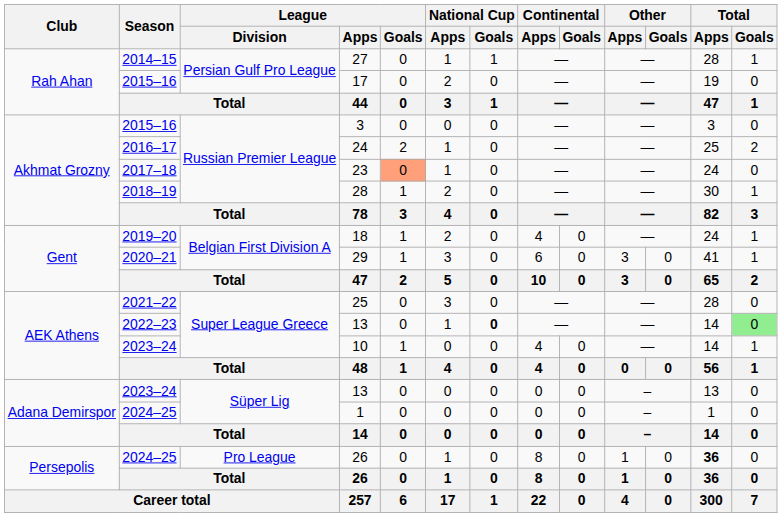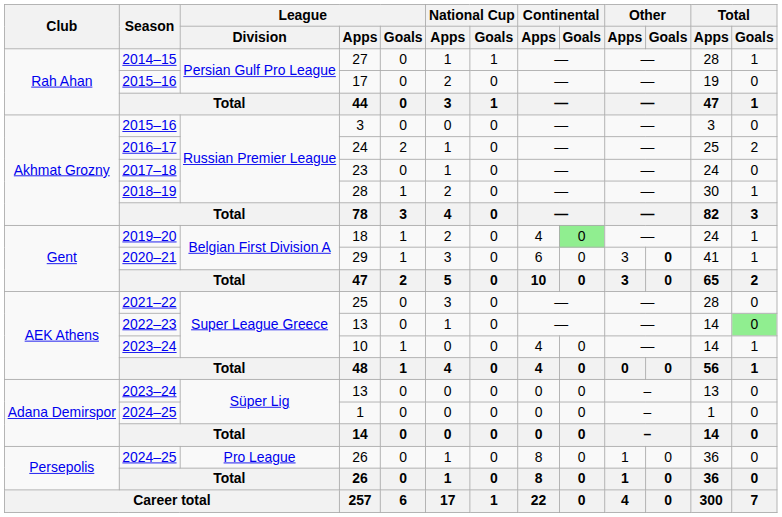 <table class="wikitable" style="text-align: center;">
 <tr>
 <th rowspan="2">Club</th>
 <th rowspan="2">Season</th>
 <th colspan="3">League</th>
 <th colspan="2">National Cup</th>
 <th colspan="2">Continental</th>
 <th colspan="2">Other</th>
 <th colspan="2">Total</th>
 </tr>
 <tr>
 <th>Division</th>
 <th>Apps</th>
 <th>Goals</th>
 <th>Apps</th>
 <th>Goals</th>
 <th>Apps</th>
 <th>Goals</th>
 <th>Apps</th>
 <th>Goals</th>
 <th>Apps</th>
 <th>Goals</th>
 </tr>
 <tr>
 <td rowspan="3"><a href='#'>Rah Ahan</a></td>
 <td><a href='#'>2014–15</a></td>
 <td rowspan="2"><a href='#'>Persian Gulf Pro League</a></td>
 <td>27</td>
 <td>0</td>
 <td>1</td>
 <td>1</td>
 <td colspan="2">—</td>
 <td colspan="2">—</td>
 <td>28</td>
 <td>1</td>
 </tr>
 <tr>
 <td><a href='#'>2015–16</a></td>
 <td>17</td>
 <td>0</td>
 <td>2</td>
 <td>0</td>
 <td colspan="2">—</td>
 <td colspan="2">—</td>
 <td>19</td>
 <td>0</td>
 </tr>
 <tr>
 <th colspan="2">Total</th>
 <th>44</th>
 <th>0</th>
 <th>3</th>
 <th>1</th>
 <th colspan="2">—</th>
 <th colspan="2">—</th>
 <th>47</th>
 <th>1</th>
 </tr>
 <tr>
 <td rowspan="5"><a href='#'>Akhmat Grozny</a></td>
 <td><a href='#'>2015–16</a></td>
 <td rowspan="4"><a href='#'>Russian Premier League</a></td>
 <td>3</td>
 <td>0</td>
 <td>0</td>
 <td>0</td>
 <td colspan="2">—</td>
 <td colspan="2">—</td>
 <td>3</td>
 <td>0</td>
 </tr>
 <tr>
 <td><a href='#'>2016–17</a></td>
 <td>24</td>
 <td>2</td>
 <td>1</td>
 <td>0</td>
 <td colspan="2">—</td>
 <td colspan="2">—</td>
 <td>25</td>
 <td>2</td>
 </tr>
 <tr>
 <td><a href='#'>2017–18</a></td>
 <td>23</td>
-<td style="background: lightsalmon;">0</td>
+<td>0</td>
 <td>1</td>
 <td>0</td>
 <td colspan="2">—</td>
 <td colspan="2">—</td>
 <td>24</td>
 <td>0</td>
 </tr>
 <tr>
 <td><a href='#'>2018–19</a></td>
 <td>28</td>
 <td>1</td>
 <td>2</td>
 <td>0</td>
 <td colspan="2">—</td>
 <td colspan="2">—</td>
 <td>30</td>
 <td>1</td>
 </tr>
 <tr>
 <th colspan="2">Total</th>
 <th>78</th>
 <th>3</th>
 <th>4</th>
 <th>0</th>
 <th colspan="2">—</th>
 <th colspan="2">—</th>
 <th>82</th>
 <th>3</th>
 </tr>
 <tr>
 <td rowspan="3"><a href='#'>Gent</a></td>
 <td><a href='#'>2019–20</a></td>
 <td rowspan="2"><a href='#'>Belgian First Division A</a></td>
 <td>18</td>
 <td>1</td>
 <td>2</td>
 <td>0</td>
 <td>4</td>
-<td>0</td>
+<td style="background: lightgreen;">0</td>
 <td colspan="2">—</td>
 <td>24</td>
 <td>1</td>
 </tr>
 <tr>
 <td><a href='#'>2020–21</a></td>
 <td>29</td>
 <td>1</td>
 <td>3</td>
 <td>0</td>
 <td>6</td>
 <td>0</td>
 <td>3</td>
-<td>0</td>
+<td><strong>0</strong></td>
 <td>41</td>
 <td>1</td>
 </tr>
 <tr>
 <th colspan="2">Total</th>
 <th>47</th>
 <th>2</th>
 <th>5</th>
 <th>0</th>
 <th>10</th>
 <th>0</th>
 <th>3</th>
 <th>0</th>
 <th>65</th>
 <th>2</th>
 </tr>
 <tr>
 <td rowspan="4"><a href='#'>AEK Athens</a></td>
 <td><a href='#'>2021–22</a></td>
 <td rowspan="3"><a href='#'>Super League Greece</a></td>
 <td>25</td>
 <td>0</td>
 <td>3</td>
 <td>0</td>
 <td colspan="2">—</td>
 <td colspan="2">—</td>
 <td>28</td>
 <td>0</td>
 </tr>
 <tr>
 <td><a href='#'>2022–23</a></td>
 <td>13</td>
 <td>0</td>
 <td>1</td>
-<td><strong>0</strong></td>
+<td>0</td>
 <td colspan="2">—</td>
 <td colspan="2">—</td>
 <td>14</td>
 <td style="background: lightgreen;">0</td>
 </tr>
 <tr>
 <td><a href='#'>2023–24</a></td>
 <td>10</td>
 <td>1</td>
 <td>0</td>
 <td>0</td>
 <td>4</td>
 <td>0</td>
 <td colspan="2">—</td>
 <td>14</td>
 <td>1</td>
 </tr>
 <tr>
 <th colspan="2">Total</th>
 <th>48</th>
 <th>1</th>
 <th>4</th>
 <th>0</th>
 <th>4</th>
 <th>0</th>
 <th>0</th>
 <th>0</th>
 <th>56</th>
 <th>1</th>
 </tr>
 <tr>
 <td rowspan="3"><a href='#'>Adana Demirspor</a></td>
 <td><a href='#'>2023–24</a></td>
 <td rowspan="2"><a href='#'>Süper Lig</a></td>
 <td>13</td>
 <td>0</td>
 <td>0</td>
 <td>0</td>
 <td>0</td>
 <td>0</td>
 <td colspan=2>–</td>
 <td>13</td>
 <td>0</td>
 </tr>
 <tr>
 <td><a href='#'>2024–25</a></td>
 <td>1</td>
 <td>0</td>
 <td>0</td>
 <td>0</td>
 <td>0</td>
 <td>0</td>
 <td colspan="2">–</td>
 <td>1</td>
 <td>0</td>
 </tr>
 <tr>
 <th colspan="2">Total</th>
 <th>14</th>
 <th>0</th>
 <th>0</th>
 <th>0</th>
 <th>0</th>
 <th>0</th>
 <th colspan="2">–</th>
 <th>14</th>
 <th>0</th>
 </tr>
 <tr>
 <td rowspan="2"><a href='#'>Persepolis</a></td>
 <td><a href='#'>2024–25</a></td>
 <td rowspan="1"><a href='#'>Pro League</a></td>
 <td>26</td>
 <td>0</td>
 <td>1</td>
 <td>0</td>
 <td>8</td>
 <td>0</td>
 <td>1</td>
 <td>0</td>
-<td><strong>36</strong></td>
+<td>36</td>
 <td>0</td>
 </tr>
 <tr>
 <th colspan="2">Total</th>
 <th>26</th>
 <th>0</th>
 <th>1</th>
 <th>0</th>
 <th>8</th>
 <th>0</th>
 <th>1</th>
 <th>0</th>
 <th>36</th>
 <th>0</th>
 </tr>
 <tr>
 <th colspan="3">Career total</th>
 <th>257</th>
 <th>6</th>
 <th>17</th>
 <th>1</th>
 <th>22</th>
 <th>0</th>
 <th>4</th>
 <th>0</th>
 <th>300</th>
 <th>7</th>
 </tr>
 </table>
